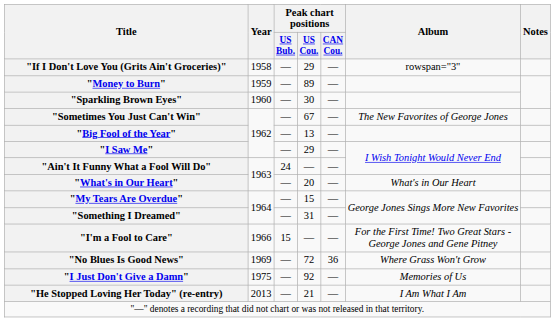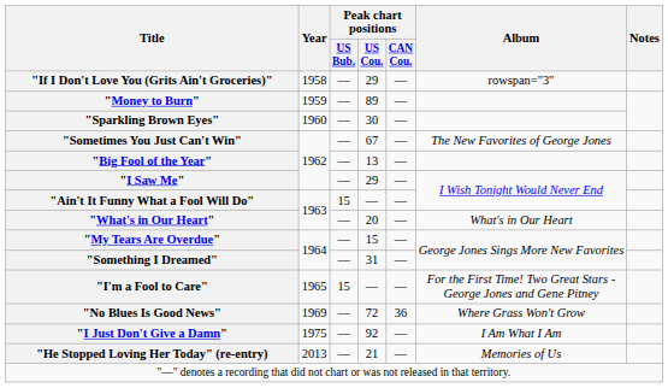 <table class="wikitable plainrowheaders" style="text-align:center;" border="1">
 <tr>
 <th scope="col" rowspan="2" style="width:23em;">Title</th>
 <th scope="col" rowspan="2">Year</th>
 <th scope="col" colspan="3">Peak chart<br>positions</th>
 <th scope="col" rowspan="2">Album</th>
 <th scope="col" rowspan="2">Notes</th>
 </tr>
 <tr>
 <th scope="col" style="width:2em;font-size:90%;"><a href='#'>US<br>Bub.</a><br></th>
 <th scope="col" style="width:2em;font-size:90%;"><a href='#'>US<br>Cou.</a><br></th>
 <th scope="col" style="width:2em;font-size:90%;"><a href='#'>CAN<br>Cou.</a><br></th>
 </tr>
 <tr>
 <th scope="row">"If I Don't Love You (Grits Ain't Groceries)"</th>
 <td>1958</td>
 <td>—</td>
 <td>29</td>
 <td>—</td>
 <td>rowspan="3" </td>
 <td></td>
 </tr>
 <tr>
 <th scope="row">"<a href='#'>Money to Burn</a>"</th>
 <td>1959</td>
 <td>—</td>
 <td>89</td>
 <td>—</td>
 <td></td>
 </tr>
 <tr>
 <th scope="row">"Sparkling Brown Eyes"</th>
 <td>1960</td>
 <td>—</td>
 <td>30</td>
 <td>—</td>
 <td></td>
 </tr>
 <tr>
 <th scope="row">"Sometimes You Just Can't Win"</th>
 <td rowspan="3">1962</td>
 <td>—</td>
 <td>67</td>
 <td>—</td>
 <td><em>The New Favorites of George Jones</em></td>
 <td></td>
 </tr>
 <tr>
 <th scope="row">"<a href='#'>Big Fool of the Year</a>"</th>
 <td>—</td>
 <td>13</td>
 <td>—</td>
 <td></td>
 <td></td>
 </tr>
 <tr>
 <th scope="row">"<a href='#'>I Saw Me</a>"</th>
 <td>—</td>
 <td>29</td>
 <td>—</td>
 <td rowspan="2"><em><a href='#'>I Wish Tonight Would Never End</a></em></td>
 <td></td>
 </tr>
 <tr>
 <th scope="row">"Ain't It Funny What a Fool Will Do"</th>
 <td rowspan="2">1963</td>
-<td>24</td>
+<td>15</td>
 <td>—</td>
 <td>—</td>
 <td></td>
 </tr>
 <tr>
 <th scope="row">"<a href='#'>What's in Our Heart</a>" </th>
 <td>—</td>
 <td>20</td>
 <td>—</td>
 <td><em>What's in Our Heart</em></td>
 <td></td>
 </tr>
 <tr>
 <th scope="row">"<a href='#'>My Tears Are Overdue</a>"</th>
 <td rowspan="2">1964</td>
 <td>—</td>
 <td>15</td>
 <td>—</td>
 <td rowspan="2"><em>George Jones Sings More New Favorites</em></td>
 <td></td>
 </tr>
 <tr>
 <th scope="row">"Something I Dreamed"</th>
 <td>—</td>
 <td>31</td>
 <td>—</td>
 <td></td>
 </tr>
 <tr>
 <th scope="row">"I'm a Fool to Care" </th>
-<td>1966</td>
+<td>1965</td>
 <td>15</td>
 <td>—</td>
 <td>—</td>
 <td><em>For the First Time! Two Great Stars -<br>George Jones and Gene Pitney</em></td>
 <td></td>
 </tr>
 <tr>
 <th scope="row">"No Blues Is Good News"</th>
 <td>1969</td>
 <td>—</td>
 <td>72</td>
 <td>36</td>
 <td><em>Where Grass Won't Grow</em></td>
 <td></td>
 </tr>
 <tr>
 <th scope="row">"<a href='#'>I Just Don't Give a Damn</a>"</th>
 <td>1975</td>
 <td>—</td>
 <td>92</td>
 <td>—</td>
-<td><em>Memories of Us</em></td>
+<td><em>I Am What I Am</em></td>
 <td></td>
 </tr>
 <tr>
 <th scope="row">"He Stopped Loving Her Today" (re-entry)</th>
 <td>2013</td>
 <td>—</td>
 <td>21</td>
 <td>—</td>
-<td><em>I Am What I Am</em></td>
+<td><em>Memories of Us</em></td>
 <td></td>
 </tr>
 <tr>
 <td colspan="7" style="font-size:90%">"—" denotes a recording that did not chart or was not released in that territory.</td>
 </tr>
 </table>
